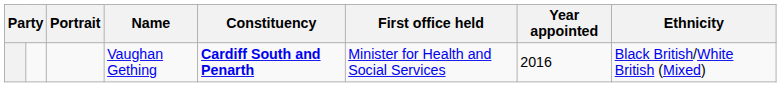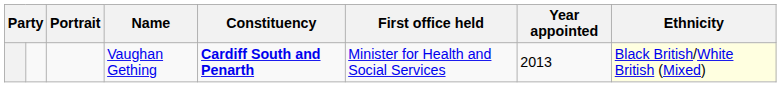 <table class="wikitable sortable">
 <tr>
 <th colspan=2>Party</th>
 <th>Portrait</th>
 <th>Name</th>
 <th>Constituency</th>
 <th>First office held</th>
 <th>Year appointed</th>
 <th>Ethnicity</th>
 </tr>
 <tr>
 <th style="background-color: "></th>
 <td></td>
 <td></td>
 <td><a href='#'>Vaughan Gething</a></td>
 <td><strong><a href='#'>Cardiff South and Penarth</a></strong></td>
 <td><a href='#'>Minister for Health and Social Services</a></td>
-<td>2016</td>
-<td><a href='#'>Black British</a>/<a href='#'>White British</a> (<a href='#'>Mixed</a>)</td>
+<td>2013</td>
+<td style="background: lightyellow;"><a href='#'>Black British</a>/<a href='#'>White British</a> (<a href='#'>Mixed</a>)</td>
 </tr>
 </table>
